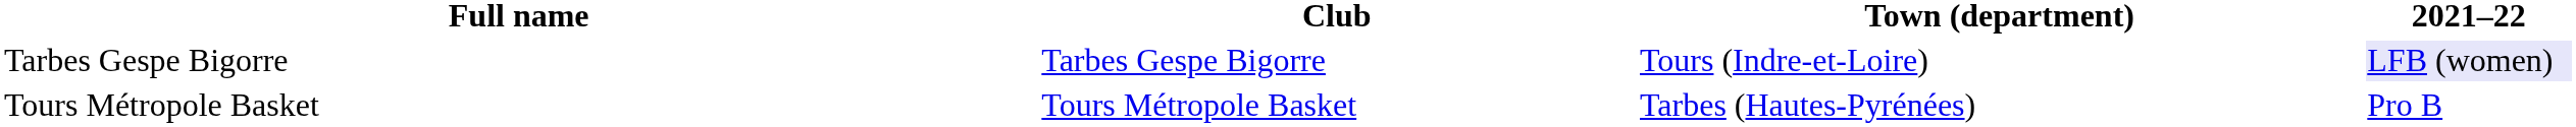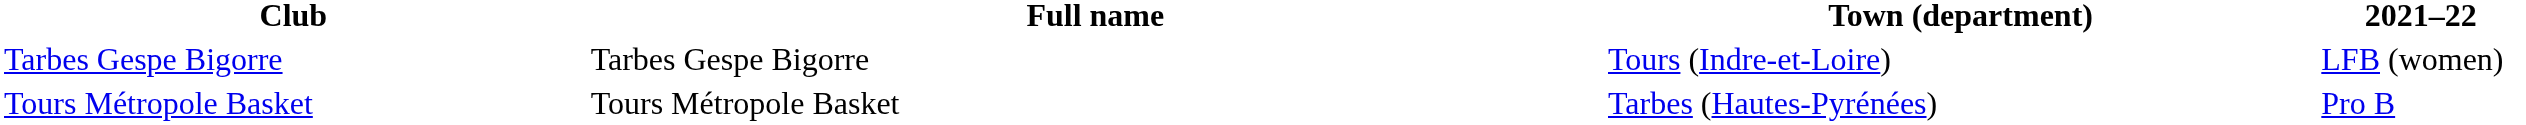 <table width="100%">
 <tr>
+<th width="23%">Club</th>
 <th width="40%">Full name</th>
-<th width="23%">Club</th>
 <th width="28%">Town (department)</th>
 <th width="8%">2021–22</th>
 </tr>
 <tr>
+<td><a href='#'>Tarbes Gespe Bigorre</a></td>
 <td>Tarbes Gespe Bigorre</td>
-<td><a href='#'>Tarbes Gespe Bigorre</a></td>
 <td><a href='#'>Tours</a> (<a href='#'>Indre-et-Loire</a>)</td>
-<td style="background: lavender;"><a href='#'>LFB</a> (women)</td>
+<td><a href='#'>LFB</a> (women)</td>
 </tr>
 <tr>
+<td><a href='#'>Tours Métropole Basket</a></td>
 <td>Tours Métropole Basket</td>
-<td><a href='#'>Tours Métropole Basket</a></td>
 <td><a href='#'>Tarbes</a> (<a href='#'>Hautes-Pyrénées</a>)</td>
 <td><a href='#'>Pro B</a></td>
 </tr>
 </table>
